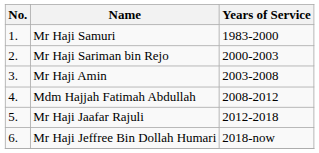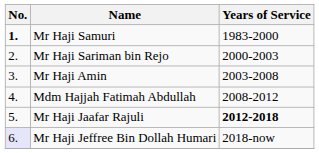 <table class="wikitable" style="margin-left:3em; margin-right:auto; text-align:left">
 <tr>
 <th>No.</th>
 <th>Name</th>
 <th>Years of Service</th>
 </tr>
 <tr>
-<td>1.</td>
+<td><strong>1.</strong></td>
 <td>Mr Haji Samuri</td>
 <td>1983-2000</td>
 </tr>
 <tr>
 <td>2.</td>
 <td>Mr Haji Sariman bin Rejo</td>
 <td>2000-2003</td>
 </tr>
 <tr>
 <td>3.</td>
 <td>Mr Haji Amin</td>
 <td>2003-2008</td>
 </tr>
 <tr>
 <td>4.</td>
 <td>Mdm Hajjah Fatimah Abdullah</td>
 <td>2008-2012</td>
 </tr>
 <tr>
 <td>5.</td>
 <td>Mr Haji Jaafar Rajuli</td>
-<td>2012-2018</td>
+<td><strong>2012-2018</strong></td>
 </tr>
 <tr>
-<td>6.</td>
+<td style="background: lavender;">6.</td>
 <td>Mr Haji Jeffree Bin Dollah Humari</td>
 <td>2018-now</td>
 </tr>
 <tr>
 </tr>
 </table>
